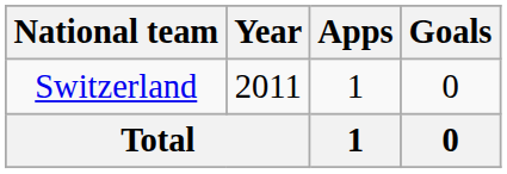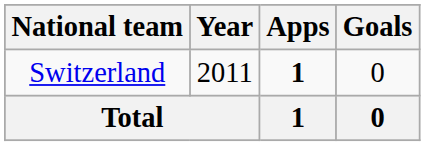 <table class="wikitable" style="text-align: center">
 <tr>
 <th>National team</th>
 <th>Year</th>
 <th>Apps</th>
 <th>Goals</th>
 </tr>
 <tr>
 <td><a href='#'>Switzerland</a></td>
 <td>2011</td>
-<td>1</td>
+<td><strong>1</strong></td>
 <td>0</td>
 </tr>
 <tr>
 <th colspan=2>Total</th>
 <th>1</th>
 <th>0</th>
 </tr>
 </table>
